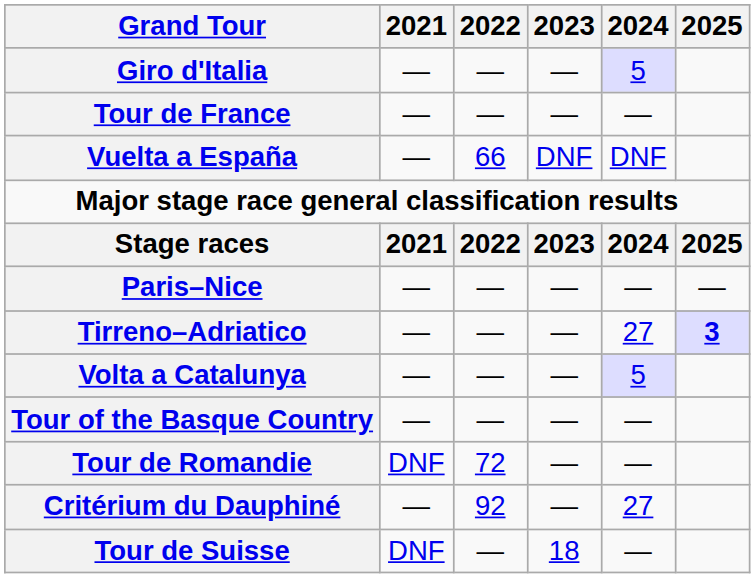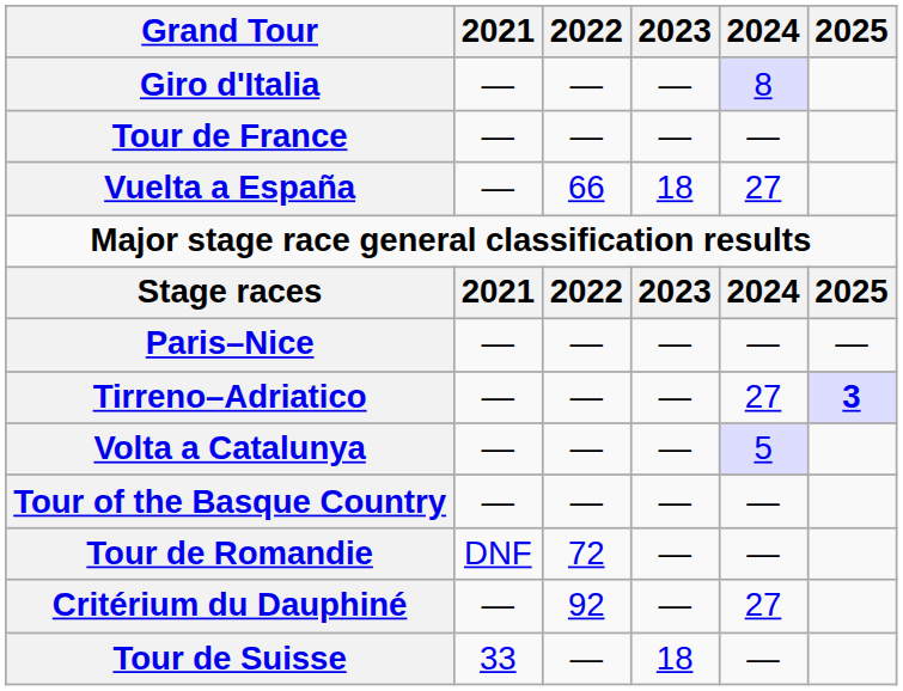 <table class="wikitable plainrowheaders">
 <tr>
 <th scope="col"><a href='#'>Grand Tour</a></th>
 <th scope="col">2021</th>
 <th scope="col">2022</th>
 <th scope="col">2023</th>
 <th scope="col">2024</th>
 <th scope="col">2025</th>
 </tr>
 <tr style="text-align:center;">
 <th scope="row"> <a href='#'>Giro d'Italia</a></th>
 <td>—</td>
 <td>—</td>
 <td>—</td>
-<td style="background:#ddf;"><a href='#'>5</a></td>
+<td style="background:#ddf;"><a href='#'>8</a></td>
 <td></td>
 </tr>
 <tr style="text-align:center;">
 <th scope="row"> <a href='#'>Tour de France</a></th>
 <td>—</td>
 <td>—</td>
 <td>—</td>
 <td>—</td>
 <td></td>
 </tr>
 <tr style="text-align:center;">
 <th scope="row"> <a href='#'>Vuelta a España</a></th>
 <td>—</td>
 <td><a href='#'>66</a></td>
-<td><a href='#'>DNF</a></td>
-<td><a href='#'>DNF</a></td>
+<td><a href='#'>18</a></td>
+<td><a href='#'>27</a></td>
 <td></td>
 </tr>
 <tr>
 <td colspan=16 align="center"><strong>Major stage race general classification results</strong></td>
 </tr>
 <tr>
 <th scope="col">Stage races</th>
 <th scope="col">2021</th>
 <th scope="col">2022</th>
 <th scope="col">2023</th>
 <th scope="col">2024</th>
 <th scope="col">2025</th>
 </tr>
 <tr style="text-align:center;">
 <th scope="row"> <a href='#'>Paris–Nice</a></th>
 <td>—</td>
 <td>—</td>
 <td>—</td>
 <td>—</td>
 <td>—</td>
 </tr>
 <tr style="text-align:center;">
 <th scope="row"> <a href='#'>Tirreno–Adriatico</a></th>
 <td>—</td>
 <td>—</td>
 <td>—</td>
 <td><a href='#'>27</a></td>
 <td style="background:#ddf;"><a href='#'><strong>3</strong></a></td>
 </tr>
 <tr style="text-align:center;">
 <th scope="row"> <a href='#'>Volta a Catalunya</a></th>
 <td>—</td>
 <td>—</td>
 <td>—</td>
 <td style="background:#ddf;"><a href='#'>5</a></td>
 <td></td>
 </tr>
 <tr style="text-align:center;">
 <th scope="row"> <a href='#'>Tour of the Basque Country</a></th>
 <td>—</td>
 <td>—</td>
 <td>—</td>
 <td>—</td>
 <td></td>
 </tr>
 <tr style="text-align:center;">
 <th scope="row"> <a href='#'>Tour de Romandie</a></th>
 <td><a href='#'>DNF</a></td>
 <td><a href='#'>72</a></td>
 <td>—</td>
 <td>—</td>
 <td></td>
 </tr>
 <tr style="text-align:center;">
 <th scope="row"> <a href='#'>Critérium du Dauphiné</a></th>
 <td>—</td>
 <td><a href='#'>92</a></td>
 <td>—</td>
 <td><a href='#'>27</a></td>
 <td></td>
 </tr>
 <tr align="center">
 <th scope="row"> <a href='#'>Tour de Suisse</a></th>
-<td><a href='#'>DNF</a></td>
+<td><a href='#'>33</a></td>
 <td>—</td>
 <td><a href='#'>18</a></td>
 <td>—</td>
 <td></td>
 </tr>
 </table>
